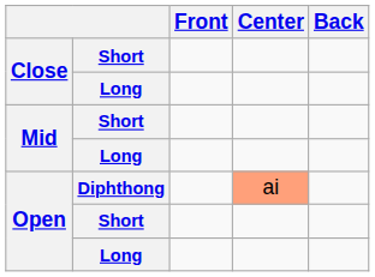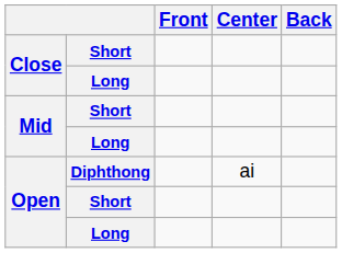 <table class="wikitable" style="text-align:center; margin:1em auto 1em auto">
 <tr>
 <th colspan="2"></th>
 <th><a href='#'>Front</a></th>
 <th><a href='#'>Center</a></th>
 <th><a href='#'>Back</a></th>
 </tr>
 <tr>
 <th rowspan="2"><a href='#'>Close</a></th>
 <th><small><a href='#'>Short</a></small></th>
 <td> </td>
 <td></td>
 <td> </td>
 </tr>
 <tr>
 <th><small><a href='#'>Long</a></small></th>
 <td> </td>
 <td></td>
 <td> </td>
 </tr>
 <tr>
 <th rowspan="2"><a href='#'>Mid</a></th>
 <th><small><a href='#'>Short</a></small></th>
 <td> </td>
 <td></td>
 <td> </td>
 </tr>
 <tr>
 <th><small><a href='#'>Long</a></small></th>
 <td> </td>
 <td></td>
 <td> </td>
 </tr>
 <tr>
 <th rowspan="3"><a href='#'>Open</a></th>
 <th><small><a href='#'>Diphthong</a></small></th>
 <td></td>
-<td style="background: lightsalmon;">ai </td>
+<td>ai </td>
 <td></td>
 </tr>
 <tr>
 <th><small><a href='#'>Short</a></small></th>
 <td></td>
 <td> </td>
 <td></td>
 </tr>
 <tr>
 <th><small><a href='#'>Long</a></small></th>
 <td></td>
 <td> </td>
 <td></td>
 </tr>
 </table>
